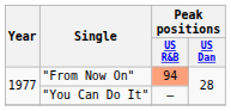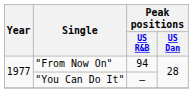 <table class="wikitable" style="text-align:center;">
 <tr>
 <th rowspan="2">Year</th>
 <th rowspan="2">Single</th>
 <th colspan="2">Peak positions</th>
 </tr>
 <tr style="font-size:smaller;">
 <th width="35"><a href='#'>US<br>R&B</a><br></th>
 <th width="35"><a href='#'>US<br>Dan</a><br></th>
 </tr>
 <tr>
 <td rowspan="2">1977</td>
 <td align="left">"From Now On"</td>
-<td style="background: lightsalmon;">94</td>
+<td>94</td>
 <td rowspan="2">28</td>
 </tr>
 <tr>
 <td align="left">"You Can Do It"</td>
 <td>—</td>
 </tr>
 <tr>
 </tr>
 </table>
